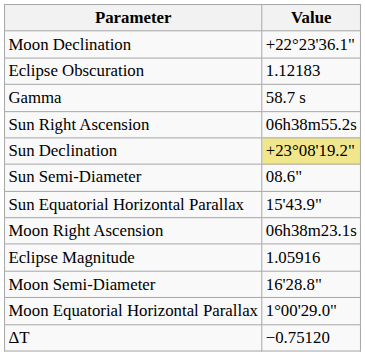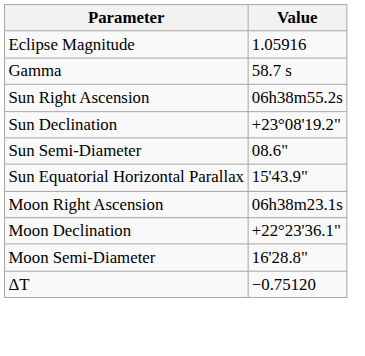 <table class="wikitable">
 <tr>
 <th>Parameter</th>
 <th>Value</th>
 </tr>
 <tr>
-<td>Moon Declination</td>
-<td>+22°23'36.1"</td>
-</tr>
-<tr>
-<td>Eclipse Obscuration</td>
-<td>1.12183</td>
+<td>Eclipse Magnitude</td>
+<td>1.05916</td>
 </tr>
 <tr>
 <td>Gamma</td>
 <td>58.7 s</td>
 </tr>
 <tr>
 <td>Sun Right Ascension</td>
 <td>06h38m55.2s</td>
 </tr>
 <tr>
 <td>Sun Declination</td>
-<td style="background: khaki;">+23°08'19.2"</td>
+<td>+23°08'19.2"</td>
 </tr>
 <tr>
 <td>Sun Semi-Diameter</td>
 <td>08.6"</td>
 </tr>
 <tr>
 <td>Sun Equatorial Horizontal Parallax</td>
 <td>15'43.9"</td>
 </tr>
 <tr>
 <td>Moon Right Ascension</td>
 <td>06h38m23.1s</td>
 </tr>
 <tr>
-<td>Eclipse Magnitude</td>
-<td>1.05916</td>
+<td>Moon Declination</td>
+<td>+22°23'36.1"</td>
 </tr>
 <tr>
 <td>Moon Semi-Diameter</td>
 <td>16'28.8"</td>
 </tr>
 <tr>
-<td>Moon Equatorial Horizontal Parallax</td>
-<td>1°00'29.0"</td>
-</tr>
-<tr>
 <td>ΔT</td>
 <td>−0.75120</td>
 </tr>
 </table>
